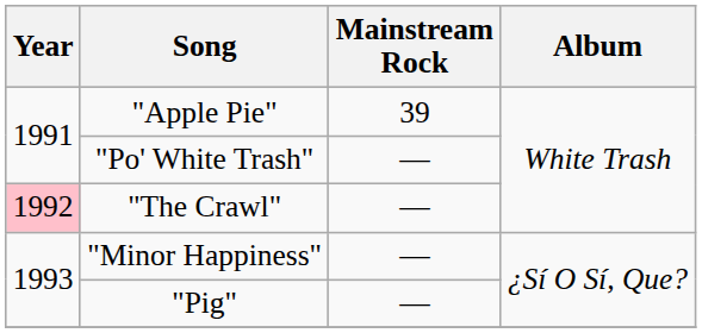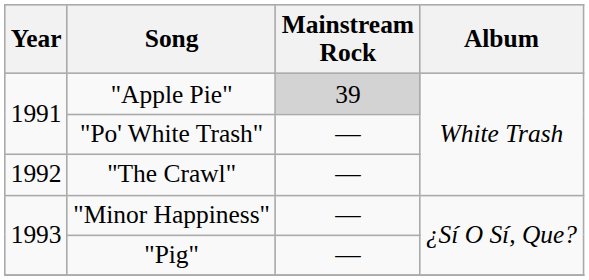 <table class="wikitable" style="text-align:center;">
 <tr>
 <th>Year</th>
 <th>Song</th>
 <th>Mainstream<br>Rock</th>
 <th>Album</th>
 </tr>
 <tr>
 <td rowspan="2">1991</td>
 <td>"Apple Pie"</td>
-<td>39</td>
+<td style="background: lightgrey;">39</td>
 <td rowspan="3"><em>White Trash</em></td>
 </tr>
 <tr>
 <td>"Po' White Trash"</td>
 <td>—</td>
 </tr>
 <tr>
-<td style="background: pink;">1992</td>
+<td>1992</td>
 <td>"The Crawl"</td>
 <td>—</td>
 </tr>
 <tr>
 <td rowspan="2">1993</td>
 <td>"Minor Happiness"</td>
 <td>—</td>
 <td rowspan="2"><em>¿Sí O Sí, Que?</em></td>
 </tr>
 <tr>
 <td>"Pig"</td>
 <td>—</td>
 </tr>
 <tr>
 </tr>
 </table>
